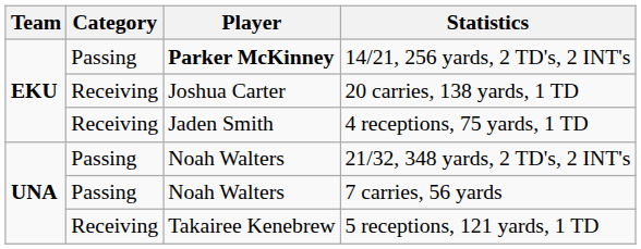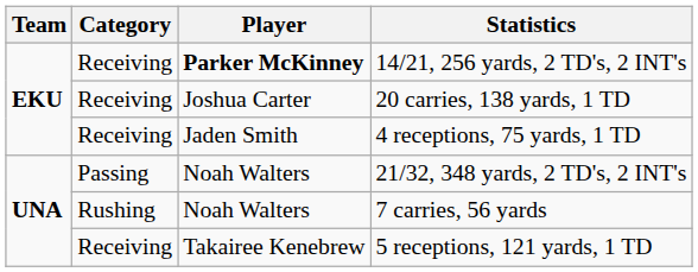 <table class="wikitable" style="float: right;">
 <tr>
 <th>Team</th>
 <th>Category</th>
 <th>Player</th>
 <th>Statistics</th>
 </tr>
 <tr>
 <td rowspan=3><strong>EKU</strong></td>
-<td>Passing</td>
+<td>Receiving</td>
 <td><strong>Parker McKinney</strong></td>
 <td>14/21, 256 yards, 2 TD's, 2 INT's</td>
 </tr>
 <tr>
 <td>Receiving</td>
 <td>Joshua Carter</td>
 <td>20 carries, 138 yards, 1 TD</td>
 </tr>
 <tr>
 <td>Receiving</td>
 <td>Jaden Smith</td>
 <td>4 receptions, 75 yards, 1 TD</td>
 </tr>
 <tr>
 <td rowspan=3><strong>UNA</strong></td>
 <td>Passing</td>
 <td>Noah Walters</td>
 <td>21/32, 348 yards, 2 TD's, 2 INT's</td>
 </tr>
 <tr>
-<td>Passing</td>
+<td>Rushing</td>
 <td>Noah Walters</td>
 <td>7 carries, 56 yards</td>
 </tr>
 <tr>
 <td>Receiving</td>
 <td>Takairee Kenebrew</td>
 <td>5 receptions, 121 yards, 1 TD</td>
 </tr>
 </table>
